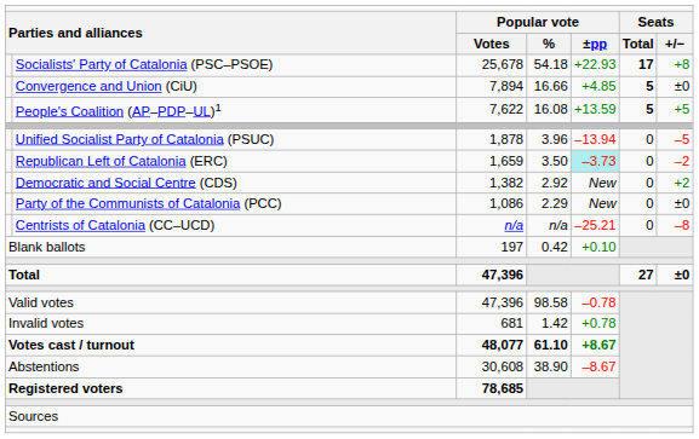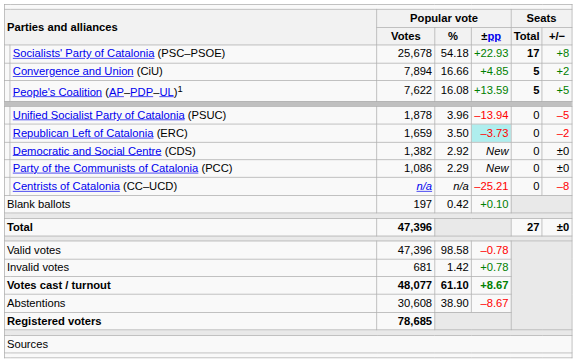 <table class="wikitable" style="text-align:right;">
 <tr>
 <td colspan="7"></td>
 </tr>
 <tr>
 <th style="text-align:left;" rowspan="2" colspan="2" width="525">Parties and alliances</th>
 <th colspan="3">Popular vote</th>
 <th colspan="2">Seats</th>
 </tr>
 <tr>
 <th width="75">Votes</th>
 <th width="45">%</th>
 <th width="45">±<a href='#'>pp</a></th>
 <th width="35">Total</th>
 <th width="35">+/−</th>
 </tr>
 <tr>
 <td width="1" style="color:inherit;background:"></td>
 <td align="left"><a href='#'>Socialists' Party of Catalonia</a> (PSC–PSOE)</td>
 <td>25,678</td>
 <td>54.18</td>
 <td style="color:green;">+22.93</td>
 <td><strong>17</strong></td>
 <td style="color:green;">+8</td>
 </tr>
 <tr>
 <td style="color:inherit;background:"></td>
 <td align="left"><a href='#'>Convergence and Union</a> (CiU)</td>
 <td>7,894</td>
 <td>16.66</td>
 <td style="color:green;">+4.85</td>
 <td><strong>5</strong></td>
-<td>±0</td>
+<td style="color:green;">+2</td>
 </tr>
 <tr>
 <td style="color:inherit;background:"></td>
 <td align="left"><a href='#'>People's Coalition</a> (<a href='#'>AP</a>–<a href='#'>PDP</a>–<a href='#'>UL</a>)<sup>1</sup></td>
 <td>7,622</td>
 <td>16.08</td>
 <td style="color:green;">+13.59</td>
 <td><strong>5</strong></td>
 <td style="color:green;">+5</td>
 </tr>
 <tr>
 <td colspan="7" style="color:inherit;background:#C0C0C0"></td>
 </tr>
 <tr>
 <td style="color:inherit;background:"></td>
 <td align="left"><a href='#'>Unified Socialist Party of Catalonia</a> (PSUC)</td>
 <td>1,878</td>
 <td>3.96</td>
 <td style="color:red;">–13.94</td>
 <td>0</td>
 <td style="color:red;">–5</td>
 </tr>
 <tr>
 <td style="color:inherit;background:"></td>
 <td align="left"><a href='#'>Republican Left of Catalonia</a> (ERC)</td>
 <td>1,659</td>
 <td>3.50</td>
 <td style="background: paleturquoise; color:red;">–3.73</td>
 <td>0</td>
 <td style="color:red;">–2</td>
 </tr>
 <tr>
 <td style="color:inherit;background:"></td>
 <td align="left"><a href='#'>Democratic and Social Centre</a> (CDS)</td>
 <td>1,382</td>
 <td>2.92</td>
 <td><em>New</em></td>
 <td>0</td>
-<td style="color:green;">+2</td>
+<td>±0</td>
 </tr>
 <tr>
 <td style="color:inherit;background:"></td>
 <td align="left"><a href='#'>Party of the Communists of Catalonia</a> (PCC)</td>
 <td>1,086</td>
 <td>2.29</td>
 <td><em>New</em></td>
 <td>0</td>
 <td>±0</td>
 </tr>
 <tr>
 <td style="color:inherit;background:"></td>
 <td align="left"><a href='#'>Centrists of Catalonia</a> (CC–UCD)</td>
 <td><em><a href='#'>n/a</a></em></td>
 <td><em>n/a</em></td>
 <td style="color:red;">–25.21</td>
 <td>0</td>
 <td style="color:red;">–8</td>
 </tr>
 <tr>
 <td align="left" colspan="2">Blank ballots</td>
 <td>197</td>
 <td>0.42</td>
 <td style="color:green;">+0.10</td>
 <td style="color:inherit;background:#E9E9E9" colspan="2"></td>
 </tr>
 <tr>
 <td colspan="7" style="color:inherit;background:#E9E9E9"></td>
 </tr>
 <tr style="font-weight:bold;">
 <td align="left" colspan="2">Total</td>
 <td>47,396</td>
 <td bgcolor="#E9E9E9" colspan="2"></td>
 <td>27</td>
 <td>±0</td>
 </tr>
 <tr>
 <td colspan="7" style="color:inherit;background:#E9E9E9"></td>
 </tr>
 <tr>
 <td align="left" colspan="2">Valid votes</td>
 <td>47,396</td>
 <td>98.58</td>
 <td style="color:red;">–0.78</td>
 <td bgcolor="#E9E9E9" colspan="2" rowspan="5"></td>
 </tr>
 <tr>
 <td align="left" colspan="2">Invalid votes</td>
 <td>681</td>
 <td>1.42</td>
 <td style="color:green;">+0.78</td>
 </tr>
 <tr style="font-weight:bold;">
 <td align="left" colspan="2">Votes cast / turnout</td>
 <td>48,077</td>
 <td>61.10</td>
 <td style="color:green;">+8.67</td>
 </tr>
 <tr>
 <td align="left" colspan="2">Abstentions</td>
 <td>30,608</td>
 <td>38.90</td>
 <td style="color:red;">–8.67</td>
 </tr>
 <tr style="font-weight:bold;">
 <td align="left" colspan="2">Registered voters</td>
 <td>78,685</td>
 <td bgcolor="#E9E9E9" colspan="2"></td>
 </tr>
 <tr>
 <td colspan="7" style="color:inherit;background:#E9E9E9"></td>
 </tr>
 <tr>
 <td align="left" colspan="7">Sources</td>
 </tr>
 <tr>
 <td colspan="7" style="text-align:left; max-width:790px;"></td>
 </tr>
 </table>
